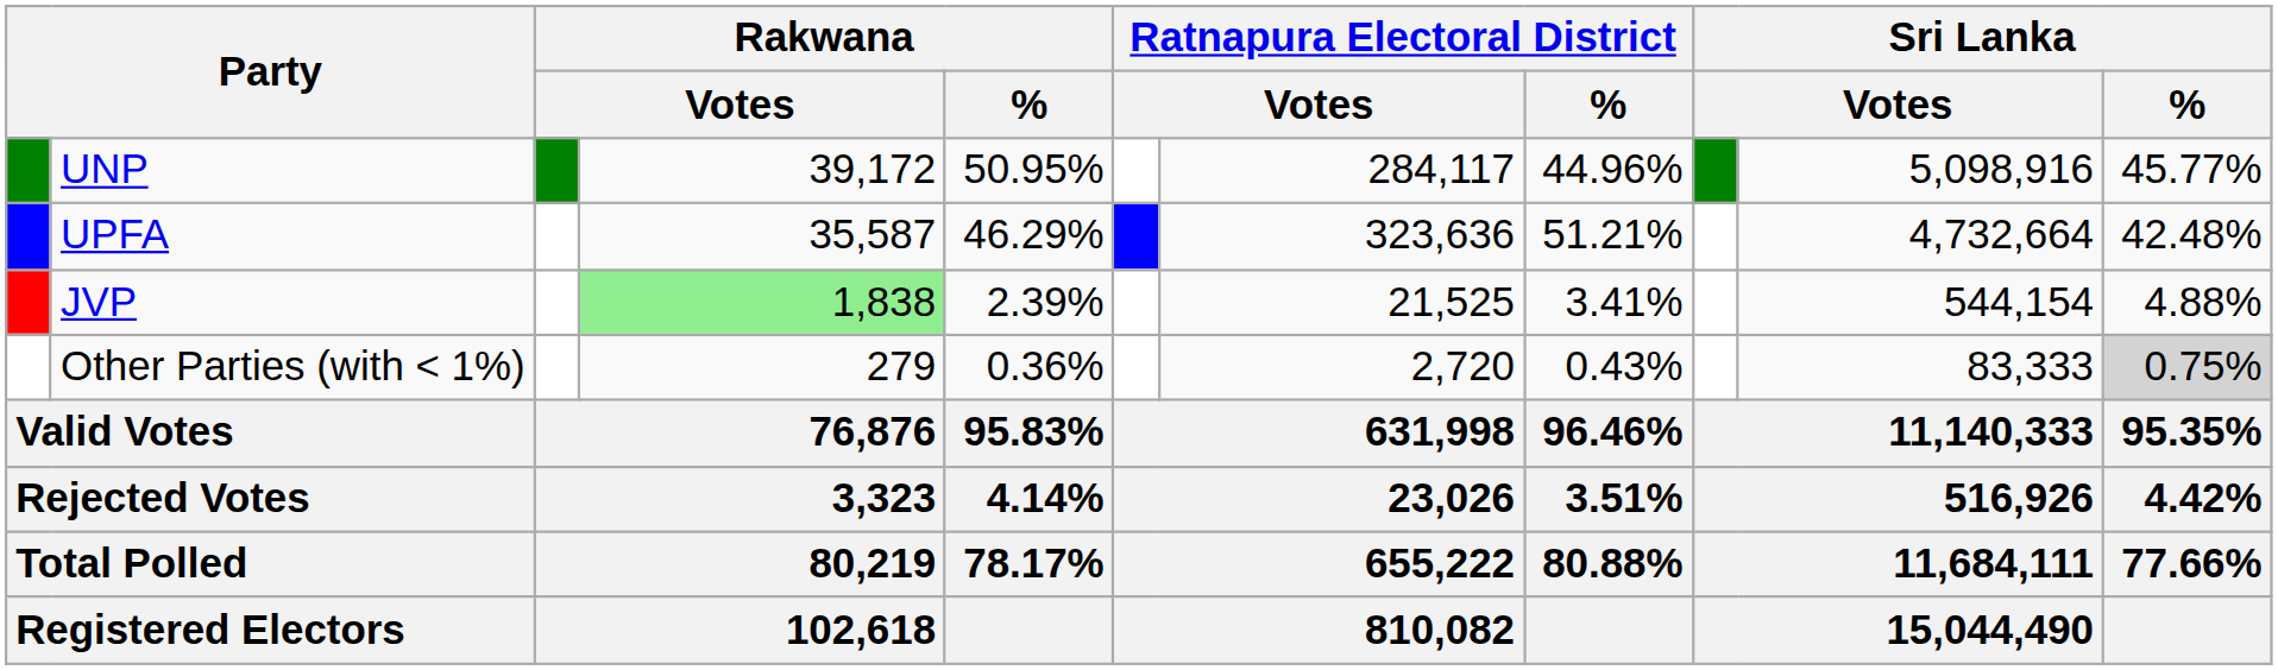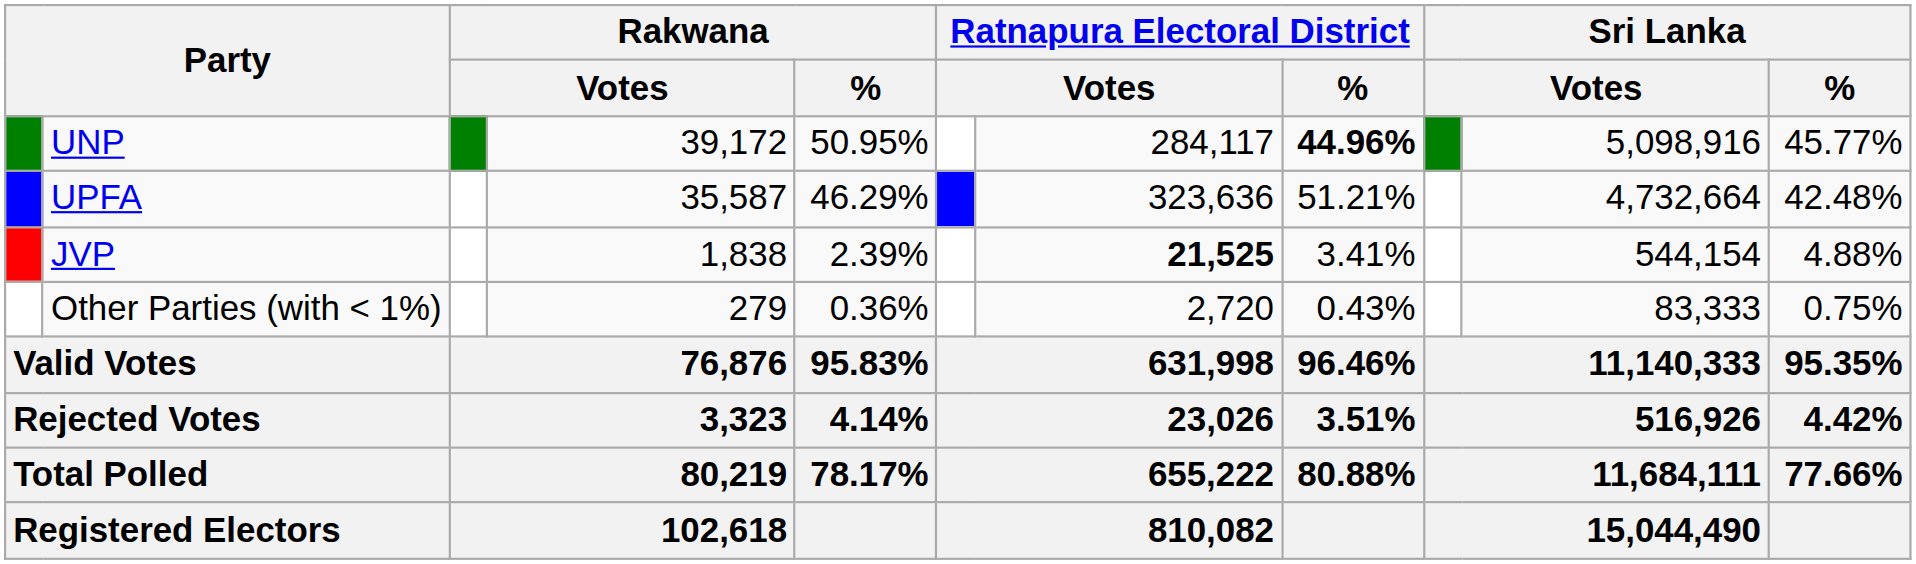 <table class="wikitable">
 <tr>
 <th colspan="2" width="144px"rowspan="2">Party</th>
 <th colspan="3" width="216px">Rakwana</th>
 <th colspan="3" width="216px"><a href='#'>Ratnapura Electoral District</a></th>
 <th colspan="3" width="216px">Sri Lanka</th>
 </tr>
 <tr>
 <th colspan="2" width="144px">Votes</th>
 <th>%</th>
 <th colspan="2" width="144px">Votes</th>
 <th>%</th>
 <th colspan="2" width="144px">Votes</th>
 <th>%</th>
 </tr>
 <tr>
 <td style="background-color:green;" width="10px"></td>
 <td style="text-align:left;"><a href='#'>UNP</a></td>
 <td style="background-color:green;" width="10px"></td>
 <td style="text-align:right;">39,172</td>
 <td style="text-align:right;">50.95%</td>
 <td style="background-color:white;" width="10px"></td>
 <td style="text-align:right;">284,117</td>
-<td style="text-align:right;">44.96%</td>
+<td style="text-align:right;"><strong>44.96%</strong></td>
 <td style="background-color:green;" width="10px"></td>
 <td style="text-align:right;">5,098,916</td>
 <td style="text-align:right;">45.77%</td>
 </tr>
 <tr>
 <td style="background-color:blue;" width="10px"></td>
 <td style="text-align:left;"><a href='#'>UPFA</a></td>
 <td style="background-color:white;" width="10px"></td>
 <td style="text-align:right;">35,587</td>
 <td style="text-align:right;">46.29%</td>
 <td style="background-color:blue;" width="10px"></td>
 <td style="text-align:right;">323,636</td>
 <td style="text-align:right;">51.21%</td>
 <td style="background-color:white;" width="10px"></td>
 <td style="text-align:right;">4,732,664</td>
 <td style="text-align:right;">42.48%</td>
 </tr>
 <tr>
 <td style="background-color:red;" width="10px"></td>
 <td style="text-align:left;"><a href='#'>JVP</a></td>
 <td style="background-color:white;" width="10px"></td>
-<td style="background: lightgreen; text-align:right;">1,838</td>
+<td style="text-align:right;">1,838</td>
 <td style="text-align:right;">2.39%</td>
 <td style="background-color:white;" width="10px"></td>
-<td style="text-align:right;">21,525</td>
+<td style="text-align:right;"><strong>21,525</strong></td>
 <td style="text-align:right;">3.41%</td>
 <td style="background-color:white;" width="10px"></td>
 <td style="text-align:right;">544,154</td>
 <td style="text-align:right;">4.88%</td>
 </tr>
 <tr>
 <td style="background-color:white;" width="10px"></td>
 <td style="text-align:left;">Other Parties (with < 1%)</td>
 <td style="background-color:white;" width="10px"></td>
 <td style="text-align:right;">279</td>
 <td style="text-align:right;">0.36%</td>
 <td style="background-color:white;" width="10px"></td>
 <td style="text-align:right;">2,720</td>
 <td style="text-align:right;">0.43%</td>
 <td style="background-color:white;" width="10px"></td>
 <td style="text-align:right;">83,333</td>
-<td style="background: lightgrey; text-align:right;">0.75%</td>
+<td style="text-align:right;">0.75%</td>
 </tr>
 <tr>
 <th colspan="2" width="144px"style="text-align:left;">Valid Votes</th>
 <th style="text-align:right;"colspan="2" width="144px">76,876</th>
 <th style="text-align:right;">95.83%</th>
 <th style="text-align:right;"colspan="2" width="144px">631,998</th>
 <th style="text-align:right;">96.46%</th>
 <th style="text-align:right;"colspan="2" width="144px">11,140,333</th>
 <th style="text-align:right;">95.35%</th>
 </tr>
 <tr>
 <th colspan="2" width="144px"style="text-align:left;">Rejected Votes</th>
 <th style="text-align:right;"colspan="2" width="144px">3,323</th>
 <th style="text-align:right;">4.14%</th>
 <th style="text-align:right;"colspan="2" width="144px">23,026</th>
 <th style="text-align:right;">3.51%</th>
 <th style="text-align:right;"colspan="2" width="144px">516,926</th>
 <th style="text-align:right;">4.42%</th>
 </tr>
 <tr>
 <th colspan="2" width="144px"style="text-align:left;">Total Polled</th>
 <th style="text-align:right;"colspan="2" width="144px">80,219</th>
 <th style="text-align:right;">78.17%</th>
 <th style="text-align:right;"colspan="2" width="144px">655,222</th>
 <th style="text-align:right;">80.88%</th>
 <th style="text-align:right;"colspan="2" width="144px">11,684,111</th>
 <th style="text-align:right;">77.66%</th>
 </tr>
 <tr>
 <th colspan="2" width="144px"style="text-align:left;">Registered Electors</th>
 <th style="text-align:right;"colspan="2" width="144px">102,618</th>
 <th></th>
 <th style="text-align:right;"colspan="2" width="144px">810,082</th>
 <th></th>
 <th style="text-align:right;"colspan="2" width="144px">15,044,490</th>
 <th></th>
 </tr>
 </table>
